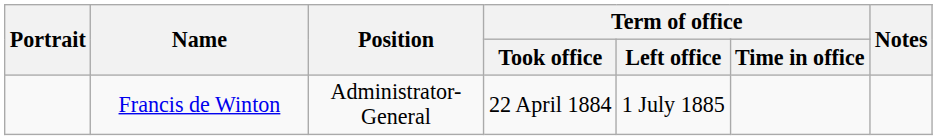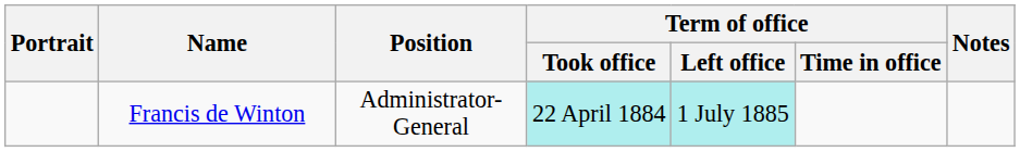 <table class="wikitable" style="text-align:center">
 <tr>
 <th rowspan=2>Portrait</th>
 <th width=150 rowspan=2>Name<br></th>
 <th width=120 rowspan=2>Position</th>
 <th colspan=3>Term of office</th>
 <th rowspan=2>Notes</th>
 </tr>
 <tr>
 <th>Took office</th>
 <th>Left office</th>
 <th>Time in office</th>
 </tr>
 <tr>
 <td></td>
 <td><a href='#'>Francis de Winton</a><br></td>
 <td>Administrator-General</td>
-<td>22 April 1884</td>
-<td>1 July 1885</td>
+<td style="background: paleturquoise;">22 April 1884</td>
+<td style="background: paleturquoise;">1 July 1885</td>
 <td></td>
 <td></td>
 </tr>
 </table>
